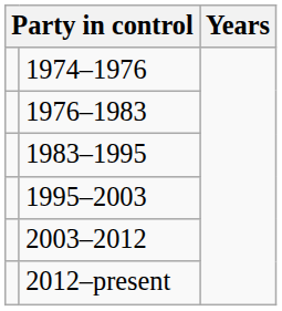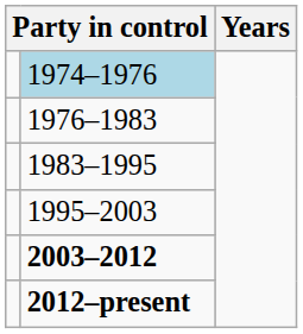 <table class="wikitable">
 <tr>
 <th colspan=2>Party in control</th>
 <th>Years</th>
 </tr>
 <tr>
 <td></td>
-<td>1974–1976</td>
+<td style="background: lightblue;">1974–1976</td>
 </tr>
 <tr>
 <td></td>
 <td>1976–1983</td>
 </tr>
 <tr>
 <td></td>
 <td>1983–1995</td>
 </tr>
 <tr>
 <td></td>
 <td>1995–2003</td>
 </tr>
 <tr>
 <td></td>
-<td>2003–2012</td>
+<td><strong>2003–2012</strong></td>
 </tr>
 <tr>
 <td></td>
-<td>2012–present</td>
+<td><strong>2012–present</strong></td>
 </tr>
 </table>
